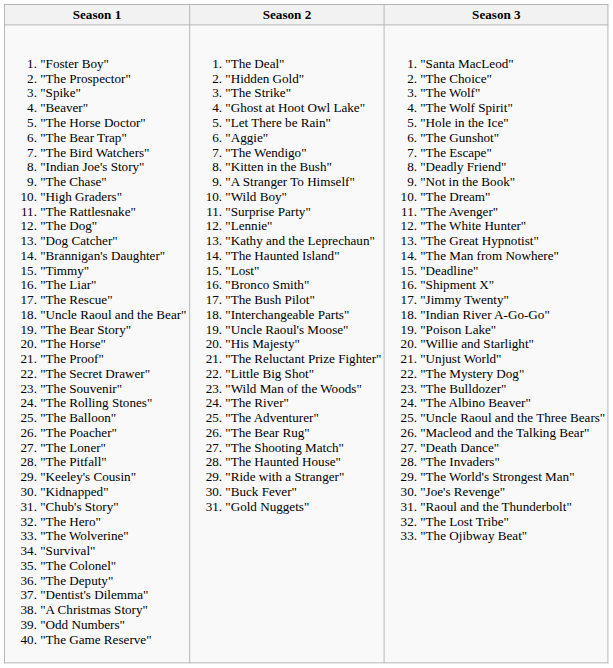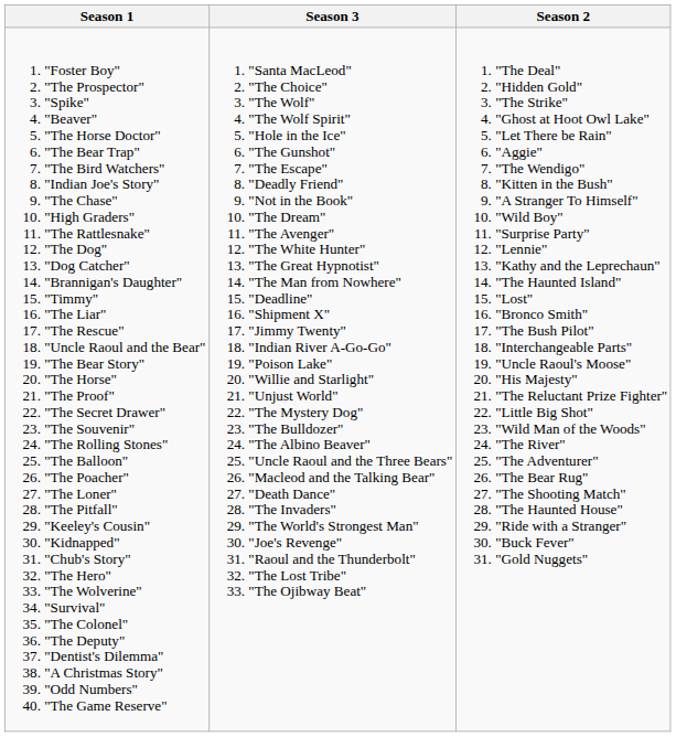 <table class="wikitable">
 <tr>
 <th>Season 1</th>
+<th>Season 3</th>
 <th>Season 2</th>
-<th>Season 3</th>
 </tr>
 <tr valign="top">
 <td><br><ol><li>"Foster Boy"</li><li>"The Prospector"</li><li>"Spike"</li><li>"Beaver"</li><li>"The Horse Doctor"</li><li>"The Bear Trap"</li><li>"The Bird Watchers"</li><li>"Indian Joe's Story"</li><li>"The Chase"</li><li>"High Graders"</li><li>"The Rattlesnake"</li><li>"The Dog"</li><li>"Dog Catcher"</li><li>"Brannigan's Daughter"</li><li>"Timmy"</li><li>"The Liar"</li><li>"The Rescue"</li><li>"Uncle Raoul and the Bear"</li><li>"The Bear Story"</li><li>"The Horse"</li><li>"The Proof"</li><li>"The Secret Drawer"</li><li>"The Souvenir"</li><li>"The Rolling Stones"</li><li>"The Balloon"</li><li>"The Poacher"</li><li>"The Loner"</li><li>"The Pitfall"</li><li>"Keeley's Cousin"</li><li>"Kidnapped"</li><li>"Chub's Story"</li><li>"The Hero"</li><li>"The Wolverine"</li><li>"Survival"</li><li>"The Colonel"</li><li>"The Deputy"</li><li>"Dentist's Dilemma"</li><li>"A Christmas Story"</li><li>"Odd Numbers"</li><li>"The Game Reserve"</li></ol></td>
+<td><br><ol><li>"Santa MacLeod"</li><li>"The Choice"</li><li>"The Wolf"</li><li>"The Wolf Spirit"</li><li>"Hole in the Ice"</li><li>"The Gunshot"</li><li>"The Escape"</li><li>"Deadly Friend"</li><li>"Not in the Book"</li><li>"The Dream"</li><li>"The Avenger"</li><li>"The White Hunter"</li><li>"The Great Hypnotist"</li><li>"The Man from Nowhere"</li><li>"Deadline"</li><li>"Shipment X"</li><li>"Jimmy Twenty"</li><li>"Indian River A-Go-Go"</li><li>"Poison Lake"</li><li>"Willie and Starlight"</li><li>"Unjust World"</li><li>"The Mystery Dog"</li><li>"The Bulldozer"</li><li>"The Albino Beaver"</li><li>"Uncle Raoul and the Three Bears"</li><li>"Macleod and the Talking Bear"</li><li>"Death Dance"</li><li>"The Invaders"</li><li>"The World's Strongest Man"</li><li>"Joe's Revenge"</li><li>"Raoul and the Thunderbolt"</li><li>"The Lost Tribe"</li><li>"The Ojibway Beat"</li></ol></td>
 <td><br><ol><li>"The Deal"</li><li>"Hidden Gold"</li><li>"The Strike"</li><li>"Ghost at Hoot Owl Lake"</li><li>"Let There be Rain"</li><li>"Aggie"</li><li>"The Wendigo"</li><li>"Kitten in the Bush"</li><li>"A Stranger To Himself"</li><li>"Wild Boy"</li><li>"Surprise Party"</li><li>"Lennie"</li><li>"Kathy and the Leprechaun"</li><li>"The Haunted Island"</li><li>"Lost"</li><li>"Bronco Smith"</li><li>"The Bush Pilot"</li><li>"Interchangeable Parts"</li><li>"Uncle Raoul's Moose"</li><li>"His Majesty"</li><li>"The Reluctant Prize Fighter"</li><li>"Little Big Shot"</li><li>"Wild Man of the Woods"</li><li>"The River"</li><li>"The Adventurer"</li><li>"The Bear Rug"</li><li>"The Shooting Match"</li><li>"The Haunted House"</li><li>"Ride with a Stranger"</li><li>"Buck Fever"</li><li>"Gold Nuggets"</li></ol></td>
-<td><br><ol><li>"Santa MacLeod"</li><li>"The Choice"</li><li>"The Wolf"</li><li>"The Wolf Spirit"</li><li>"Hole in the Ice"</li><li>"The Gunshot"</li><li>"The Escape"</li><li>"Deadly Friend"</li><li>"Not in the Book"</li><li>"The Dream"</li><li>"The Avenger"</li><li>"The White Hunter"</li><li>"The Great Hypnotist"</li><li>"The Man from Nowhere"</li><li>"Deadline"</li><li>"Shipment X"</li><li>"Jimmy Twenty"</li><li>"Indian River A-Go-Go"</li><li>"Poison Lake"</li><li>"Willie and Starlight"</li><li>"Unjust World"</li><li>"The Mystery Dog"</li><li>"The Bulldozer"</li><li>"The Albino Beaver"</li><li>"Uncle Raoul and the Three Bears"</li><li>"Macleod and the Talking Bear"</li><li>"Death Dance"</li><li>"The Invaders"</li><li>"The World's Strongest Man"</li><li>"Joe's Revenge"</li><li>"Raoul and the Thunderbolt"</li><li>"The Lost Tribe"</li><li>"The Ojibway Beat"</li></ol></td>
 </tr>
 </table>
